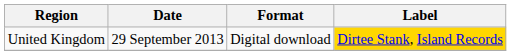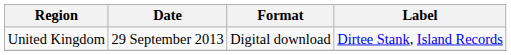 <table class=wikitable>
 <tr>
 <th>Region</th>
 <th>Date</th>
 <th>Format</th>
 <th>Label</th>
 </tr>
 <tr>
 <td>United Kingdom</td>
 <td>29 September 2013</td>
 <td>Digital download</td>
-<td style="background: gold;"><a href='#'>Dirtee Stank</a>, <a href='#'>Island Records</a></td>
+<td><a href='#'>Dirtee Stank</a>, <a href='#'>Island Records</a></td>
 </tr>
 <tr>
 </tr>
 </table>
